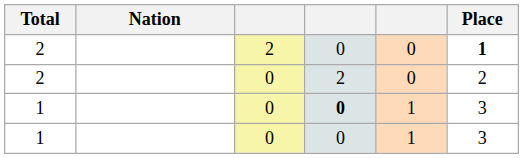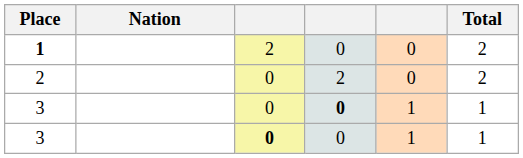 <table class=wikitable style="border:1px solid #AAAAAA;font-size:90%">
 <tr bgcolor="#EFEFEF">
-<th width=50>Total</th>
+<th width=50>Place</th>
 <th width=120>Nation</th>
 <th width=50></th>
 <th width=50></th>
 <th width=50></th>
-<th width=50>Place</th>
+<th width=50>Total</th>
 </tr>
 <tr align="center" valign="top" bgcolor="#FFFFFF">
-<td>2</td>
+<td><strong>1</strong></td>
 <td align="left"><strong></strong></td>
 <td style="background:#F7F6A8;">2</td>
 <td style="background:#DCE5E5;">0</td>
 <td style="background:#FFDAB9;">0</td>
-<td><strong>1</strong></td>
+<td>2</td>
 </tr>
 <tr align="center" valign="top" bgcolor="#FFFFFF">
 <td>2</td>
 <td align="left"></td>
 <td style="background:#F7F6A8;">0</td>
 <td style="background:#DCE5E5;">2</td>
 <td style="background:#FFDAB9;">0</td>
 <td>2</td>
 </tr>
 <tr align="center" valign="top" bgcolor="#FFFFFF">
-<td>1</td>
+<td>3</td>
 <td align="left"></td>
 <td style="background:#F7F6A8;">0</td>
 <td style="background:#DCE5E5;"><strong>0</strong></td>
 <td style="background:#FFDAB9;">1</td>
-<td>3</td>
+<td>1</td>
 </tr>
 <tr align="center" valign="top" bgcolor="#FFFFFF">
-<td>1</td>
+<td>3</td>
 <td align="left"></td>
-<td style="background:#F7F6A8;">0</td>
+<td style="background:#F7F6A8;"><strong>0</strong></td>
 <td style="background:#DCE5E5;">0</td>
 <td style="background:#FFDAB9;">1</td>
-<td>3</td>
+<td>1</td>
 </tr>
 </table>
